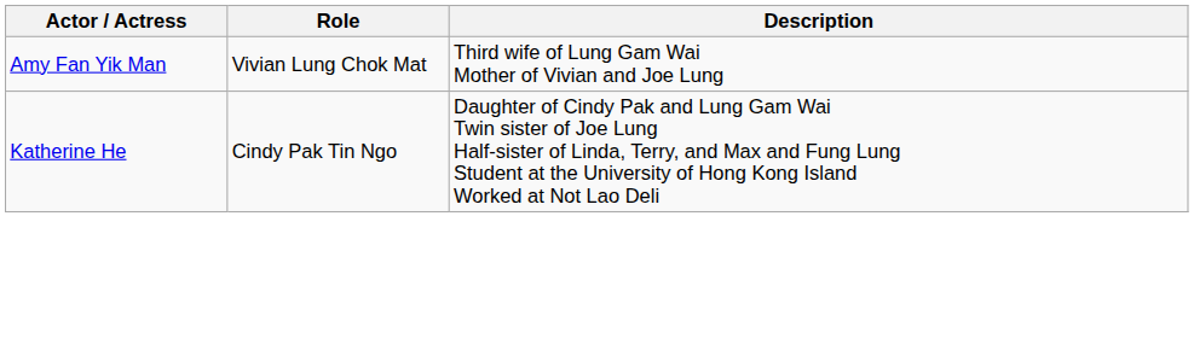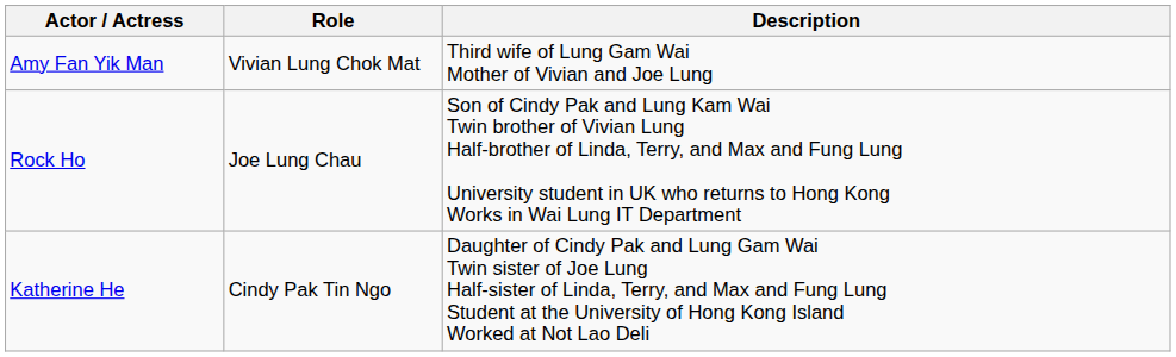 <table class="wikitable" style="width:60%;">
 <tr>
 <th style="width:12%">Actor / Actress</th>
 <th style="width:12%">Role</th>
 <th style="width:40%">Description</th>
 </tr>
 <tr>
 <td><a href='#'>Amy Fan Yik Man</a></td>
 <td>Vivian Lung Chok Mat</td>
 <td>Third wife of Lung Gam Wai<br>Mother of Vivian and Joe Lung</td>
 </tr>
 <tr>
+<td><a href='#'>Rock Ho</a></td>
+<td>Joe Lung Chau</td>
+<td>Son of Cindy Pak and Lung Kam Wai<br>Twin brother of Vivian Lung<br>Half-brother of Linda, Terry, and Max and Fung Lung<br><br>University student in UK who returns to Hong Kong<br> Works in Wai Lung IT Department</td>
+</tr>
+<tr>
 <td><a href='#'>Katherine He</a></td>
 <td>Cindy Pak Tin Ngo</td>
 <td>Daughter of Cindy Pak and Lung Gam Wai<br>Twin sister of Joe Lung<br>Half-sister of Linda, Terry, and Max and Fung Lung<br>Student at the University of Hong Kong Island<br>Worked at Not Lao Deli</td>
 </tr>
 </table>
